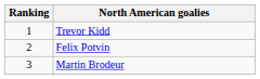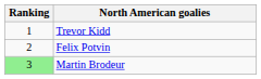 <table class="wikitable">
 <tr>
 <th style="width:4em;">Ranking</th>
 <th style="width:18em;">North American goalies</th>
 </tr>
 <tr>
 <td style="text-align:center;">1</td>
 <td> <a href='#'>Trevor Kidd</a></td>
 </tr>
 <tr>
 <td style="text-align:center;">2</td>
 <td> <a href='#'>Felix Potvin</a></td>
 </tr>
 <tr>
-<td style="text-align:center;">3</td>
+<td style="background: lightgreen; text-align:center;">3</td>
 <td> <a href='#'>Martin Brodeur</a></td>
 </tr>
 </table>
